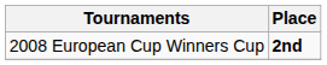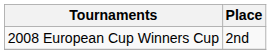 <table class="wikitable collapsible">
 <tr>
 <th>Tournaments</th>
 <th>Place</th>
 </tr>
 <tr>
 <td>2008 European Cup Winners Cup </td>
-<td><strong>2nd</strong></td>
+<td>2nd</td>
 </tr>
 <tr>
 </tr>
 </table>
